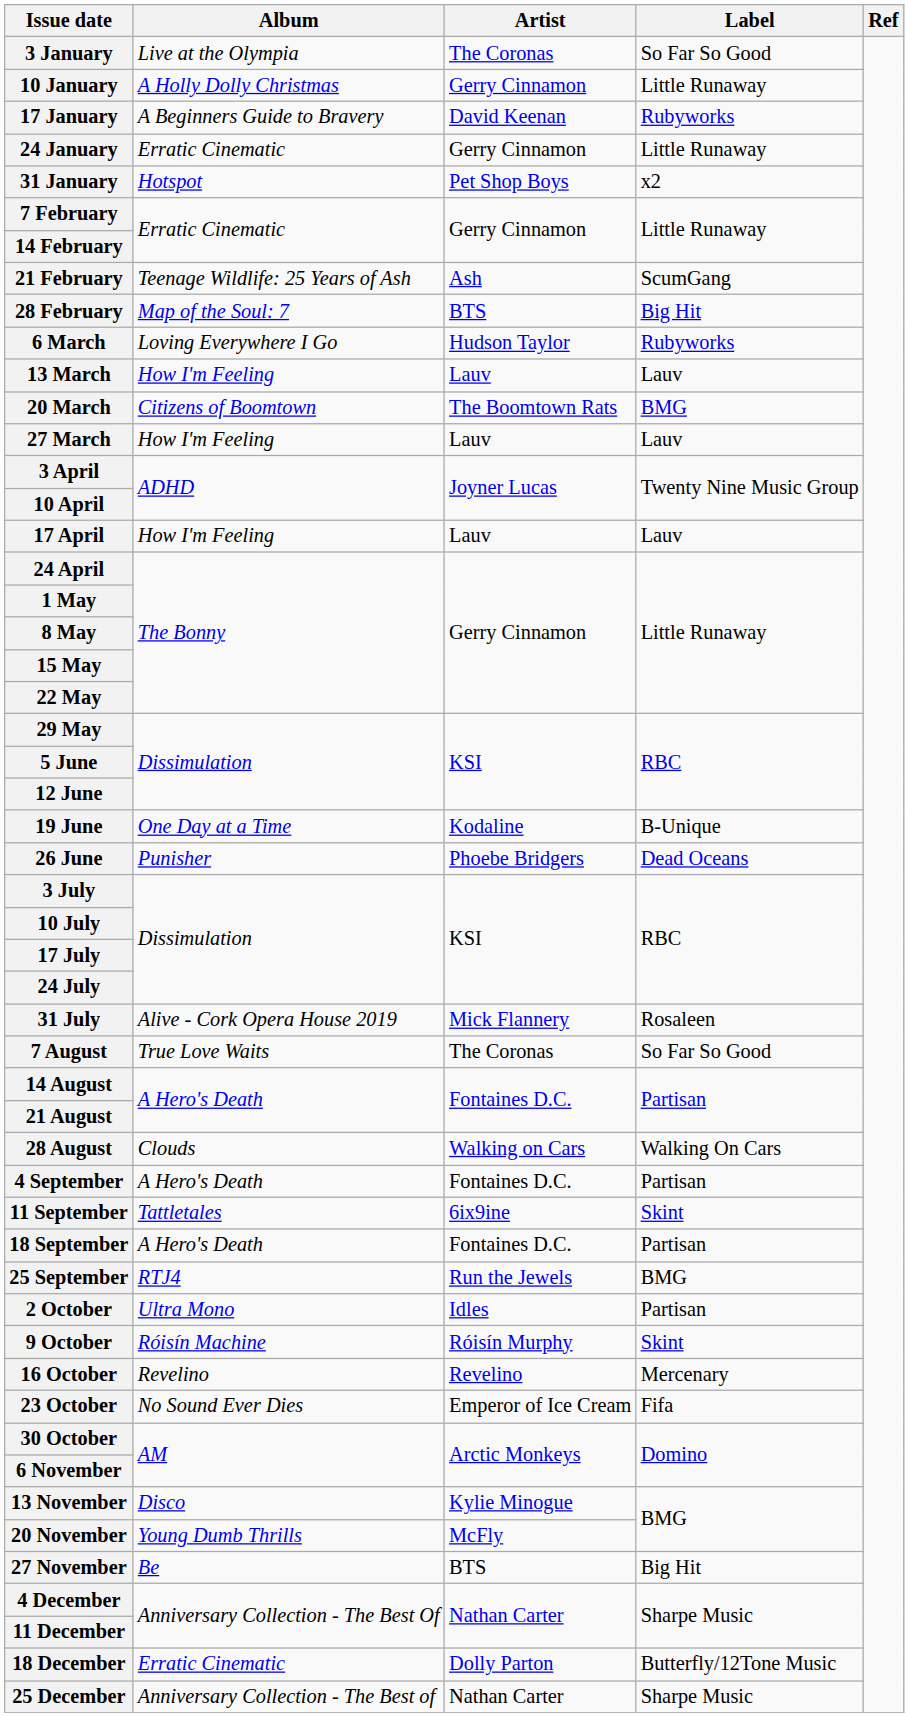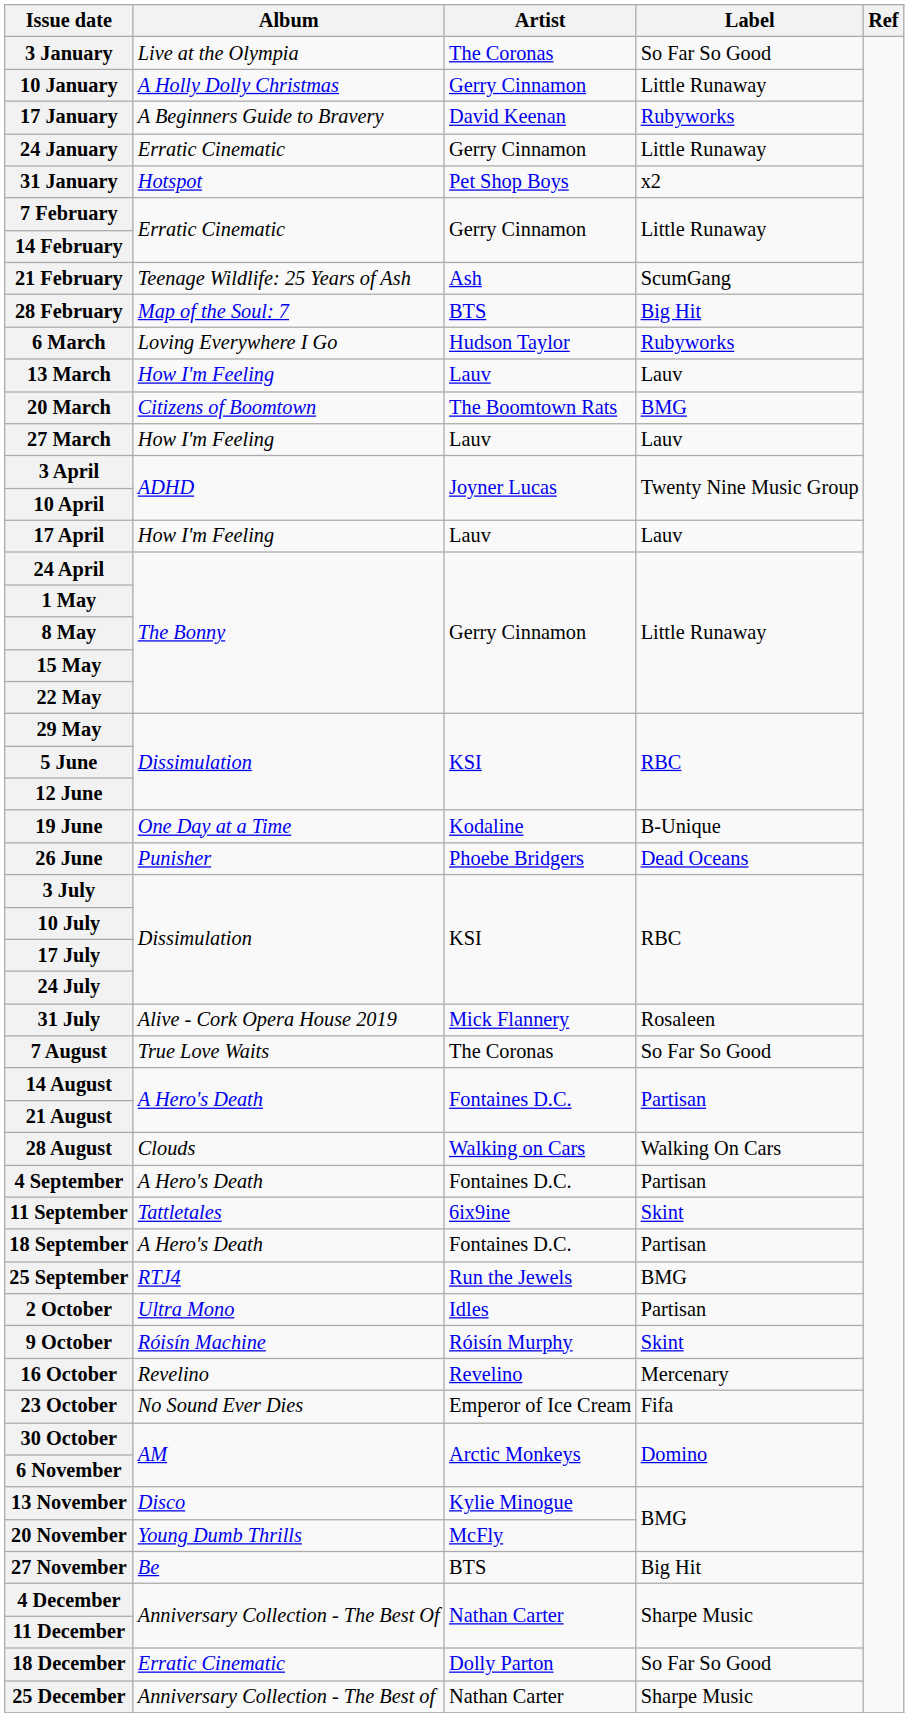 <table class="wikitable plainrowheaders" style="text-align:left">
 <tr>
 <th scope="col">Issue date</th>
 <th scope="col">Album</th>
 <th scope="col">Artist</th>
 <th scope="col">Label</th>
 <th scope="col">Ref</th>
 </tr>
 <tr>
 <th scope="row">3 January</th>
 <td><em>Live at the Olympia</em></td>
 <td><a href='#'>The Coronas</a></td>
 <td>So Far So Good</td>
 <td rowspan="52"></td>
 </tr>
 <tr>
 <th scope="row">10 January</th>
 <td><em><a href='#'>A Holly Dolly Christmas</a></em></td>
 <td><a href='#'>Gerry Cinnamon</a></td>
 <td>Little Runaway</td>
 </tr>
 <tr>
 <th scope="row">17 January</th>
 <td><em>A Beginners Guide to Bravery</em></td>
 <td><a href='#'>David Keenan</a></td>
 <td><a href='#'>Rubyworks</a></td>
 </tr>
 <tr>
 <th scope="row">24 January</th>
 <td><em>Erratic Cinematic</em></td>
 <td>Gerry Cinnamon</td>
 <td>Little Runaway</td>
 </tr>
 <tr>
 <th scope="row">31 January</th>
 <td><em><a href='#'>Hotspot</a></em></td>
 <td><a href='#'>Pet Shop Boys</a></td>
 <td>x2</td>
 </tr>
 <tr>
 <th scope="row">7 February</th>
 <td rowspan="2"><em>Erratic Cinematic</em></td>
 <td rowspan="2">Gerry Cinnamon</td>
 <td rowspan="2">Little Runaway</td>
 </tr>
 <tr>
 <th scope="row">14 February</th>
 </tr>
 <tr>
 <th scope="row">21 February</th>
 <td><em>Teenage Wildlife: 25 Years of Ash</em></td>
 <td><a href='#'>Ash</a></td>
 <td>ScumGang</td>
 </tr>
 <tr>
 <th scope="row">28 February</th>
 <td><em><a href='#'>Map of the Soul: 7</a></em></td>
 <td><a href='#'>BTS</a></td>
 <td><a href='#'>Big Hit</a></td>
 </tr>
 <tr>
 <th scope="row">6 March</th>
 <td><em>Loving Everywhere I Go</em></td>
 <td><a href='#'>Hudson Taylor</a></td>
 <td><a href='#'>Rubyworks</a></td>
 </tr>
 <tr>
 <th scope="row">13 March</th>
 <td><em><a href='#'>How I'm Feeling</a></em></td>
 <td><a href='#'>Lauv</a></td>
 <td>Lauv</td>
 </tr>
 <tr>
 <th scope="row">20 March</th>
 <td><em><a href='#'>Citizens of Boomtown</a></em></td>
 <td><a href='#'>The Boomtown Rats</a></td>
 <td><a href='#'>BMG</a></td>
 </tr>
 <tr>
 <th scope="row">27 March</th>
 <td><em>How I'm Feeling</em></td>
 <td>Lauv</td>
 <td>Lauv</td>
 </tr>
 <tr>
 <th scope="row">3 April</th>
 <td rowspan="2"><em><a href='#'>ADHD</a></em></td>
 <td rowspan="2"><a href='#'>Joyner Lucas</a></td>
 <td rowspan="2">Twenty Nine Music Group</td>
 </tr>
 <tr>
 <th scope="row">10 April</th>
 </tr>
 <tr>
 <th scope="row">17 April</th>
 <td><em>How I'm Feeling</em></td>
 <td>Lauv</td>
 <td>Lauv</td>
 </tr>
 <tr>
 <th scope="row">24 April</th>
 <td rowspan="5"><em><a href='#'>The Bonny</a></em></td>
 <td rowspan="5">Gerry Cinnamon</td>
 <td rowspan="5">Little Runaway</td>
 </tr>
 <tr>
 <th scope="row">1 May</th>
 </tr>
 <tr>
 <th scope="row">8 May</th>
 </tr>
 <tr>
 <th scope="row">15 May</th>
 </tr>
 <tr>
 <th scope="row">22 May</th>
 </tr>
 <tr>
 <th scope="row">29 May</th>
 <td rowspan="3"><em><a href='#'>Dissimulation</a></em></td>
 <td rowspan="3"><a href='#'>KSI</a></td>
 <td rowspan="3"><a href='#'>RBC</a></td>
 </tr>
 <tr>
 <th scope="row">5 June</th>
 </tr>
 <tr>
 <th scope="row">12 June</th>
 </tr>
 <tr>
 <th scope="row">19 June</th>
 <td><em><a href='#'>One Day at a Time</a></em></td>
 <td><a href='#'>Kodaline</a></td>
 <td>B-Unique</td>
 </tr>
 <tr>
 <th scope="row">26 June</th>
 <td><em><a href='#'>Punisher</a></em></td>
 <td><a href='#'>Phoebe Bridgers</a></td>
 <td><a href='#'>Dead Oceans</a></td>
 </tr>
 <tr>
 <th scope="row">3 July</th>
 <td rowspan="4"><em>Dissimulation</em></td>
 <td rowspan="4">KSI</td>
 <td rowspan="4">RBC</td>
 </tr>
 <tr>
 <th scope="row">10 July</th>
 </tr>
 <tr>
 <th scope="row">17 July</th>
 </tr>
 <tr>
 <th scope="row">24 July</th>
 </tr>
 <tr>
 <th scope="row">31 July</th>
 <td><em>Alive - Cork Opera House 2019</em></td>
 <td><a href='#'>Mick Flannery</a></td>
 <td>Rosaleen</td>
 </tr>
 <tr>
 <th scope="row">7 August</th>
 <td><em>True Love Waits</em></td>
 <td>The Coronas</td>
 <td>So Far So Good</td>
 </tr>
 <tr>
 <th scope="row">14 August</th>
 <td rowspan="2"><em><a href='#'>A Hero's Death</a></em></td>
 <td rowspan="2"><a href='#'>Fontaines D.C.</a></td>
 <td rowspan="2"><a href='#'>Partisan</a></td>
 </tr>
 <tr>
 <th scope="row">21 August</th>
 </tr>
 <tr>
 <th scope="row">28 August</th>
 <td><em>Clouds</em></td>
 <td><a href='#'>Walking on Cars</a></td>
 <td>Walking On Cars</td>
 </tr>
 <tr>
 <th scope="row">4 September</th>
 <td><em>A Hero's Death</em></td>
 <td>Fontaines D.C.</td>
 <td>Partisan</td>
 </tr>
 <tr>
 <th scope="row">11 September</th>
 <td><em><a href='#'>Tattletales</a></em></td>
 <td><a href='#'>6ix9ine</a></td>
 <td><a href='#'>Skint</a></td>
 </tr>
 <tr>
 <th scope="row">18 September</th>
 <td><em>A Hero's Death</em></td>
 <td>Fontaines D.C.</td>
 <td>Partisan</td>
 </tr>
 <tr>
 <th scope="row">25 September</th>
 <td><em><a href='#'>RTJ4</a></em></td>
 <td><a href='#'>Run the Jewels</a></td>
 <td>BMG</td>
 </tr>
 <tr>
 <th scope="row">2 October</th>
 <td><em><a href='#'>Ultra Mono</a></em></td>
 <td><a href='#'>Idles</a></td>
 <td>Partisan</td>
 </tr>
 <tr>
 <th scope="row">9 October</th>
 <td><em><a href='#'>Róisín Machine</a></em></td>
 <td><a href='#'>Róisín Murphy</a></td>
 <td><a href='#'>Skint</a></td>
 </tr>
 <tr>
 <th scope="row">16 October</th>
 <td><em>Revelino</em></td>
 <td><a href='#'>Revelino</a></td>
 <td>Mercenary</td>
 </tr>
 <tr>
 <th scope="row">23 October</th>
 <td><em>No Sound Ever Dies</em></td>
 <td>Emperor of Ice Cream</td>
 <td>Fifa</td>
 </tr>
 <tr>
 <th scope="row">30 October</th>
 <td rowspan="2"><em><a href='#'>AM</a></em></td>
 <td rowspan="2"><a href='#'>Arctic Monkeys</a></td>
 <td rowspan="2"><a href='#'>Domino</a></td>
 </tr>
 <tr>
 <th scope="row">6 November</th>
 </tr>
 <tr>
 <th scope="row">13 November</th>
 <td><em><a href='#'>Disco</a></em></td>
 <td><a href='#'>Kylie Minogue</a></td>
 <td rowspan="2">BMG</td>
 </tr>
 <tr>
 <th scope="row">20 November</th>
 <td><em><a href='#'>Young Dumb Thrills</a></em></td>
 <td><a href='#'>McFly</a></td>
 </tr>
 <tr>
 <th scope="row">27 November</th>
 <td><em><a href='#'>Be</a></em></td>
 <td>BTS</td>
 <td>Big Hit</td>
 </tr>
 <tr>
 <th scope="row">4 December</th>
 <td rowspan="2"><em>Anniversary Collection - The Best Of</em></td>
 <td rowspan="2"><a href='#'>Nathan Carter</a></td>
 <td rowspan="2">Sharpe Music</td>
 </tr>
 <tr>
 <th scope="row">11 December</th>
 </tr>
 <tr>
 <th scope="row">18 December</th>
 <td><em><a href='#'>Erratic Cinematic</a></em></td>
 <td><a href='#'>Dolly Parton</a></td>
-<td>Butterfly/12Tone Music</td>
+<td>So Far So Good</td>
 </tr>
 <tr>
 <th scope="row">25 December</th>
 <td><em>Anniversary Collection - The Best of</em></td>
 <td>Nathan Carter</td>
 <td>Sharpe Music</td>
 </tr>
 </table>
